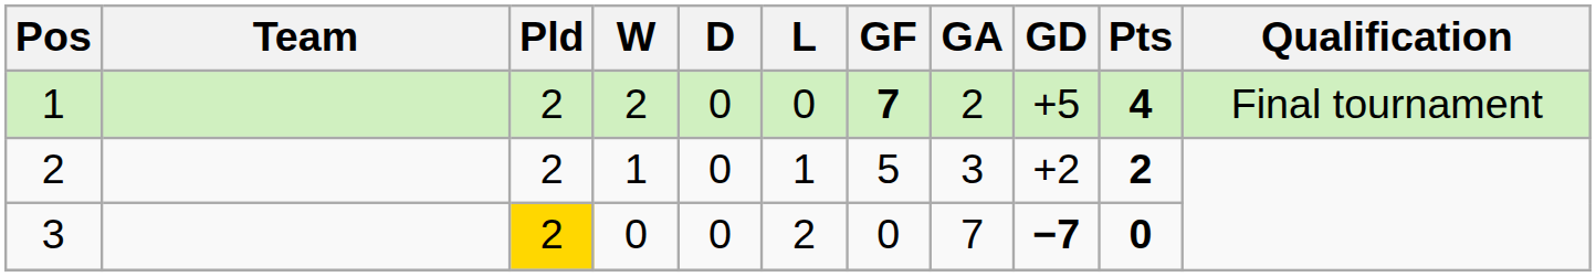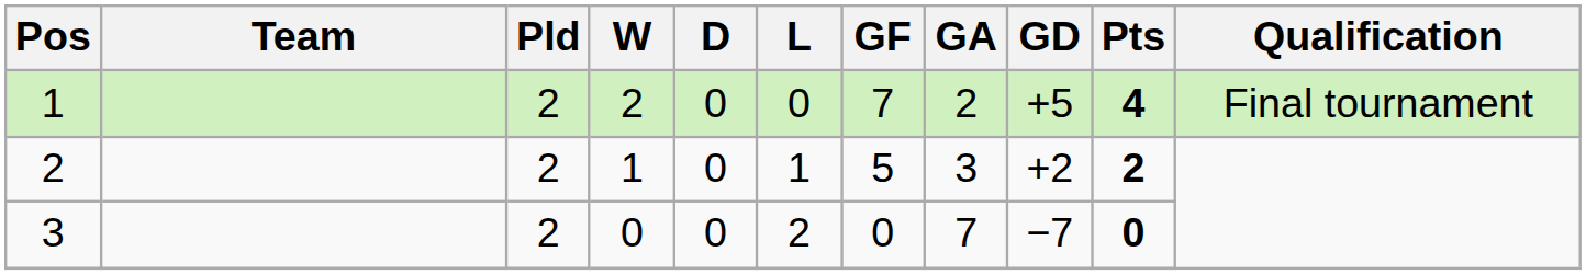 <table class="wikitable" border="1" style="text-align: center;">
 <tr>
 <th width="25"><abbr>Pos</abbr></th>
 <th width="150">Team</th>
 <th width="25"><abbr>Pld</abbr></th>
 <th width="25"><abbr>W</abbr></th>
 <th width="25"><abbr>D</abbr></th>
 <th width="25"><abbr>L</abbr></th>
 <th width="25"><abbr>GF</abbr></th>
 <th width="25"><abbr>GA</abbr></th>
 <th width="25"><abbr>GD</abbr></th>
 <th width="25"><abbr>Pts</abbr></th>
 <th width="150">Qualification</th>
 </tr>
 <tr bgcolor= #D0F0C0>
 <td>1</td>
 <td align="left"></td>
 <td>2</td>
 <td>2</td>
 <td>0</td>
 <td>0</td>
-<td><strong>7</strong></td>
+<td>7</td>
 <td>2</td>
 <td>+5</td>
 <td><strong>4</strong></td>
 <td>Final tournament</td>
 </tr>
 <tr>
 <td>2</td>
 <td align="left"></td>
 <td>2</td>
 <td>1</td>
 <td>0</td>
 <td>1</td>
 <td>5</td>
 <td>3</td>
 <td>+2</td>
 <td><strong>2</strong></td>
 </tr>
 <tr>
 <td>3</td>
 <td align="left"></td>
-<td style="background: gold;">2</td>
+<td>2</td>
 <td>0</td>
 <td>0</td>
 <td>2</td>
 <td>0</td>
 <td>7</td>
-<td><strong>−7</strong></td>
+<td>−7</td>
 <td><strong>0</strong></td>
 </tr>
 <tr>
 </tr>
 </table>
